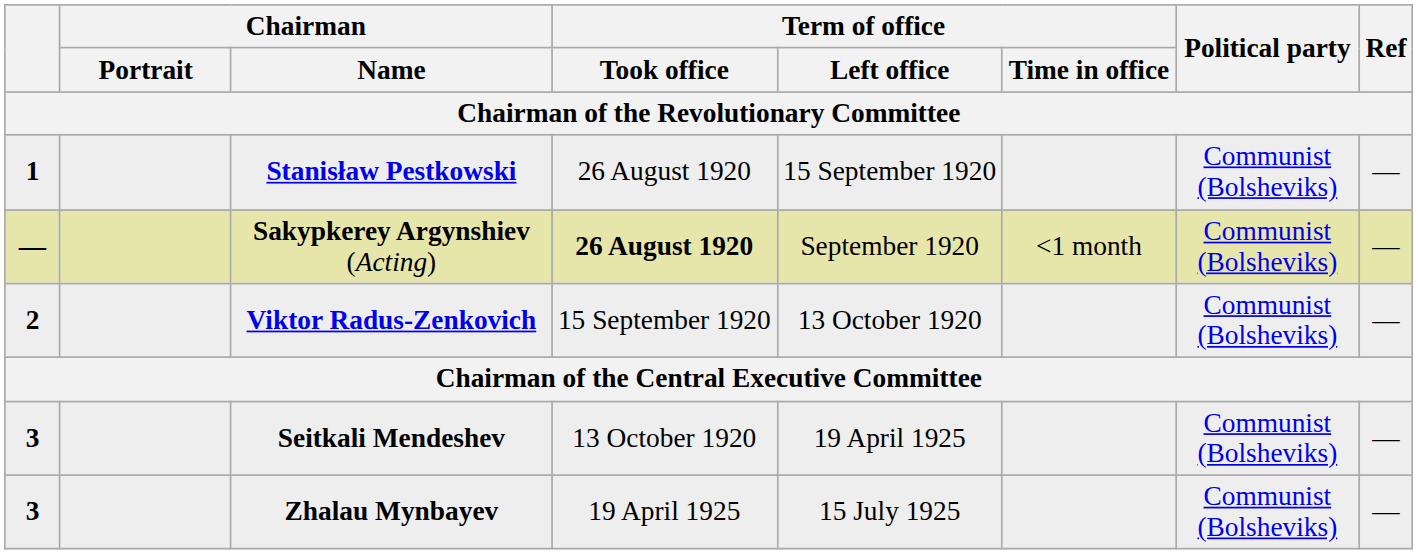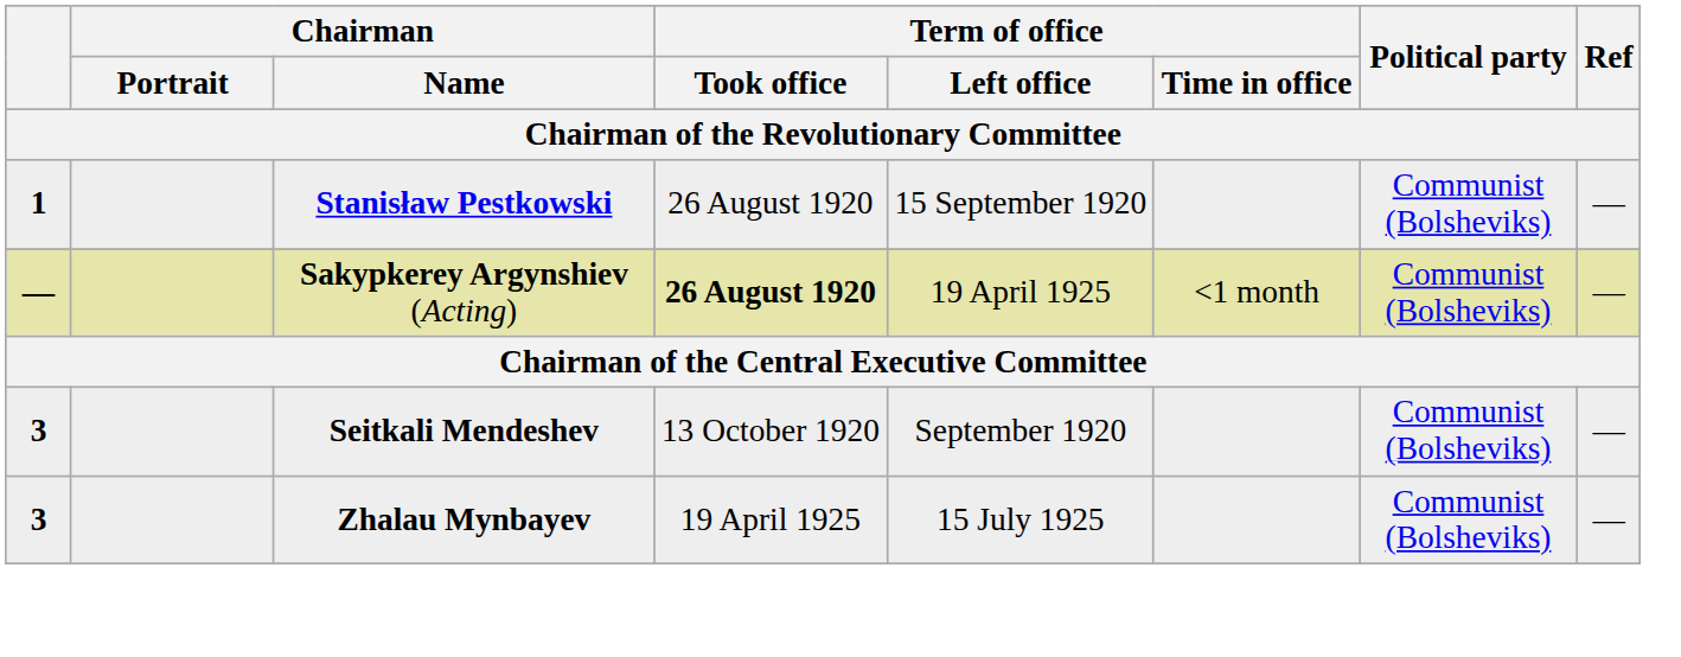 <table class="wikitable"  style="text-align:center">
 <tr>
 <th rowspan=2 style="width:25px;"></th>
 <th colspan=2 style="width:280px;">Chairman<br></th>
 <th colspan="3">Term of office</th>
 <th rowspan="2" style="width:100px;">Political party</th>
 <th rowspan=2 style="width:20px;">Ref</th>
 </tr>
 <tr>
 <th>Portrait</th>
 <th width=180px>Name</th>
 <th>Took office</th>
 <th>Left office</th>
 <th>Time in office</th>
 </tr>
 <tr>
 <th colspan="8"><strong>Chairman of the Revolutionary Committee</strong></th>
 </tr>
 <tr bgcolor=#EEEEEE>
 <td style="background:"><strong>1</strong></td>
 <td></td>
 <td><strong><a href='#'>Stanisław Pestkowski</a></strong><br></td>
 <td>26 August 1920</td>
 <td>15 September 1920</td>
 <td></td>
 <td style="background:"><a href='#'><span>Communist<br>(Bolsheviks)</span></a></td>
 <td>—</td>
 </tr>
 <tr bgcolor=#E6E6AA>
 <td style="background:"><strong>—</strong></td>
 <td></td>
 <td><strong>Sakypkerey Argynshiev</strong> (<em>Acting</em>)<br></td>
 <td><strong>26 August 1920</strong></td>
-<td>September 1920</td>
+<td>19 April 1925</td>
 <td><1 month</td>
-<td style="background:"><a href='#'><span>Communist<br>(Bolsheviks)</span></a></td>
-<td>—</td>
-</tr>
-<tr bgcolor=#EEEEEE>
-<td style="background:"><strong>2</strong></td>
-<td></td>
-<td><strong><a href='#'>Viktor Radus-Zenkovich</a></strong><br></td>
-<td>15 September 1920</td>
-<td>13 October 1920</td>
-<td></td>
 <td style="background:"><a href='#'><span>Communist<br>(Bolsheviks)</span></a></td>
 <td>—</td>
 </tr>
 <tr>
 <th colspan="8"><strong>Chairman of the Central Executive Committee</strong></th>
 </tr>
 <tr bgcolor=#EEEEEE>
 <td style="background:"><strong>3</strong></td>
 <td></td>
 <td><strong>Seitkali Mendeshev</strong><br></td>
 <td>13 October 1920</td>
-<td>19 April 1925</td>
+<td>September 1920</td>
 <td></td>
 <td style="background:"><a href='#'><span>Communist<br>(Bolsheviks)</span></a></td>
 <td>—</td>
 </tr>
 <tr bgcolor=#EEEEEE>
 <td style="background:"><strong>3</strong></td>
 <td></td>
 <td><strong>Zhalau Mynbayev</strong><br></td>
 <td>19 April 1925</td>
 <td>15 July 1925</td>
 <td></td>
 <td style="background:"><a href='#'><span>Communist<br>(Bolsheviks)</span></a></td>
 <td>—</td>
 </tr>
 </table>
